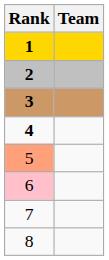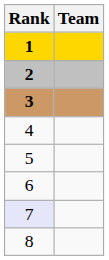 <table class="wikitable" style="text-align:center">
 <tr>
 <th>Rank</th>
 <th>Team</th>
 </tr>
 <tr bgcolor="gold">
 <td><strong>1</strong></td>
 <td align="left"></td>
 </tr>
 <tr bgcolor="silver">
 <td><strong>2</strong></td>
 <td align="left"></td>
 </tr>
 <tr bgcolor="#CC9966">
 <td><strong>3</strong></td>
 <td align="left"></td>
 </tr>
 <tr>
-<td><strong>4</strong></td>
+<td>4</td>
 <td align="left"></td>
 </tr>
 <tr>
-<td style="background: lightsalmon;">5</td>
+<td>5</td>
 <td align="left"></td>
 </tr>
 <tr>
-<td style="background: pink;">6</td>
+<td>6</td>
 <td align="left"></td>
 </tr>
 <tr>
-<td>7</td>
+<td style="background: lavender;">7</td>
 <td align="left"></td>
 </tr>
 <tr>
 <td>8</td>
 <td align="left"></td>
 </tr>
 </table>
